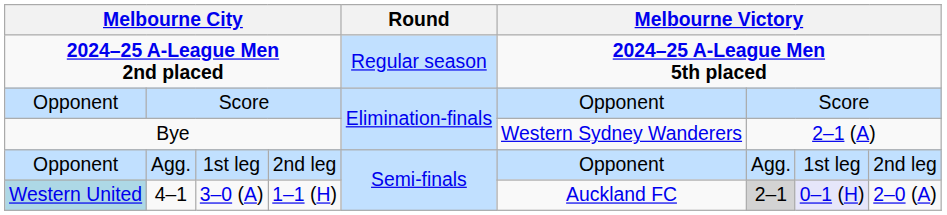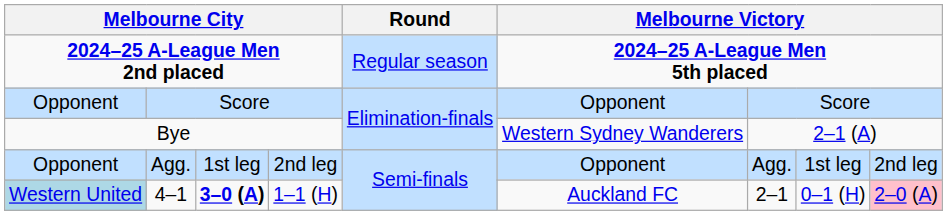 <table class="wikitable" style="text-align:center">
 <tr>
 <th colspan="4"><a href='#'>Melbourne City</a></th>
 <th>Round</th>
 <th colspan="4"><a href='#'>Melbourne Victory</a></th>
 </tr>
 <tr>
 <td colspan="4" style="vertical-align:top"><a href='#'><strong>2024–25 A-League Men</strong></a><br><strong>2nd placed</strong><div></div></td>
 <td style="background:#C1E0FF"><a href='#'>Regular season</a></td>
 <td colspan="4" style="vertical-align:top"><a href='#'><strong>2024–25 A-League Men</strong></a><br><strong>5th placed</strong><div></div></td>
 </tr>
 <tr style="background:#c1e0ff">
 <td>Opponent</td>
 <td colspan="3">Score</td>
 <td rowspan="2"><a href='#'>Elimination-finals</a></td>
 <td>Opponent</td>
 <td colspan="3">Score</td>
 </tr>
 <tr>
 <td colspan="4">Bye</td>
 <td><a href='#'>Western Sydney Wanderers</a></td>
 <td colspan="3"><a href='#'>2–1</a> (<a href='#'>A</a>)</td>
 </tr>
 <tr style="background:#C1E0FF">
 <td>Opponent</td>
 <td>Agg.</td>
 <td>1st leg</td>
 <td>2nd leg</td>
 <td rowspan="2"><a href='#'>Semi-finals</a></td>
 <td>Opponent</td>
 <td>Agg.</td>
 <td>1st leg</td>
 <td>2nd leg</td>
 </tr>
 <tr>
 <td style="background: lightblue;"><a href='#'>Western United</a></td>
 <td>4–1</td>
-<td><a href='#'>3–0</a> (<a href='#'>A</a>)</td>
+<td><strong><a href='#'>3–0</a> (<a href='#'>A</a>)</strong></td>
 <td><a href='#'>1–1</a> (<a href='#'>H</a>)</td>
 <td><a href='#'>Auckland FC</a></td>
-<td style="background: lightgrey;">2–1</td>
-<td style="background: lavender;"><a href='#'>0–1</a> (<a href='#'>H</a>)</td>
-<td><a href='#'>2–0</a>  (<a href='#'>A</a>)</td>
+<td>2–1</td>
+<td><a href='#'>0–1</a> (<a href='#'>H</a>)</td>
+<td style="background: pink;"><a href='#'>2–0</a>  (<a href='#'>A</a>)</td>
 </tr>
 </table>
